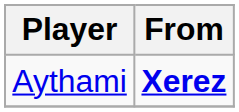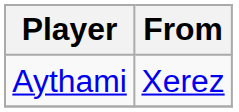 <table class="wikitable">
 <tr>
 <th>Player</th>
 <th>From</th>
 </tr>
 <tr>
 <td> <a href='#'>Aythami</a></td>
-<td><strong> <a href='#'>Xerez</a></strong></td>
+<td> <a href='#'>Xerez</a></td>
 </tr>
 <tr>
 </tr>
 </table>
